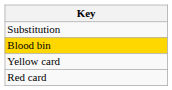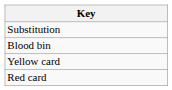 <table class="wikitable"  style="width:17%; line-height:100%; font-size:90%; float:right;">
 <tr>
 <th>Key</th>
 </tr>
 <tr>
 <td>  Substitution</td>
 </tr>
 <tr>
-<td style="background: gold;"> Blood bin</td>
+<td> Blood bin</td>
 </tr>
 <tr>
 <td> Yellow card</td>
 </tr>
 <tr>
 <td> Red card</td>
 </tr>
 </table>
